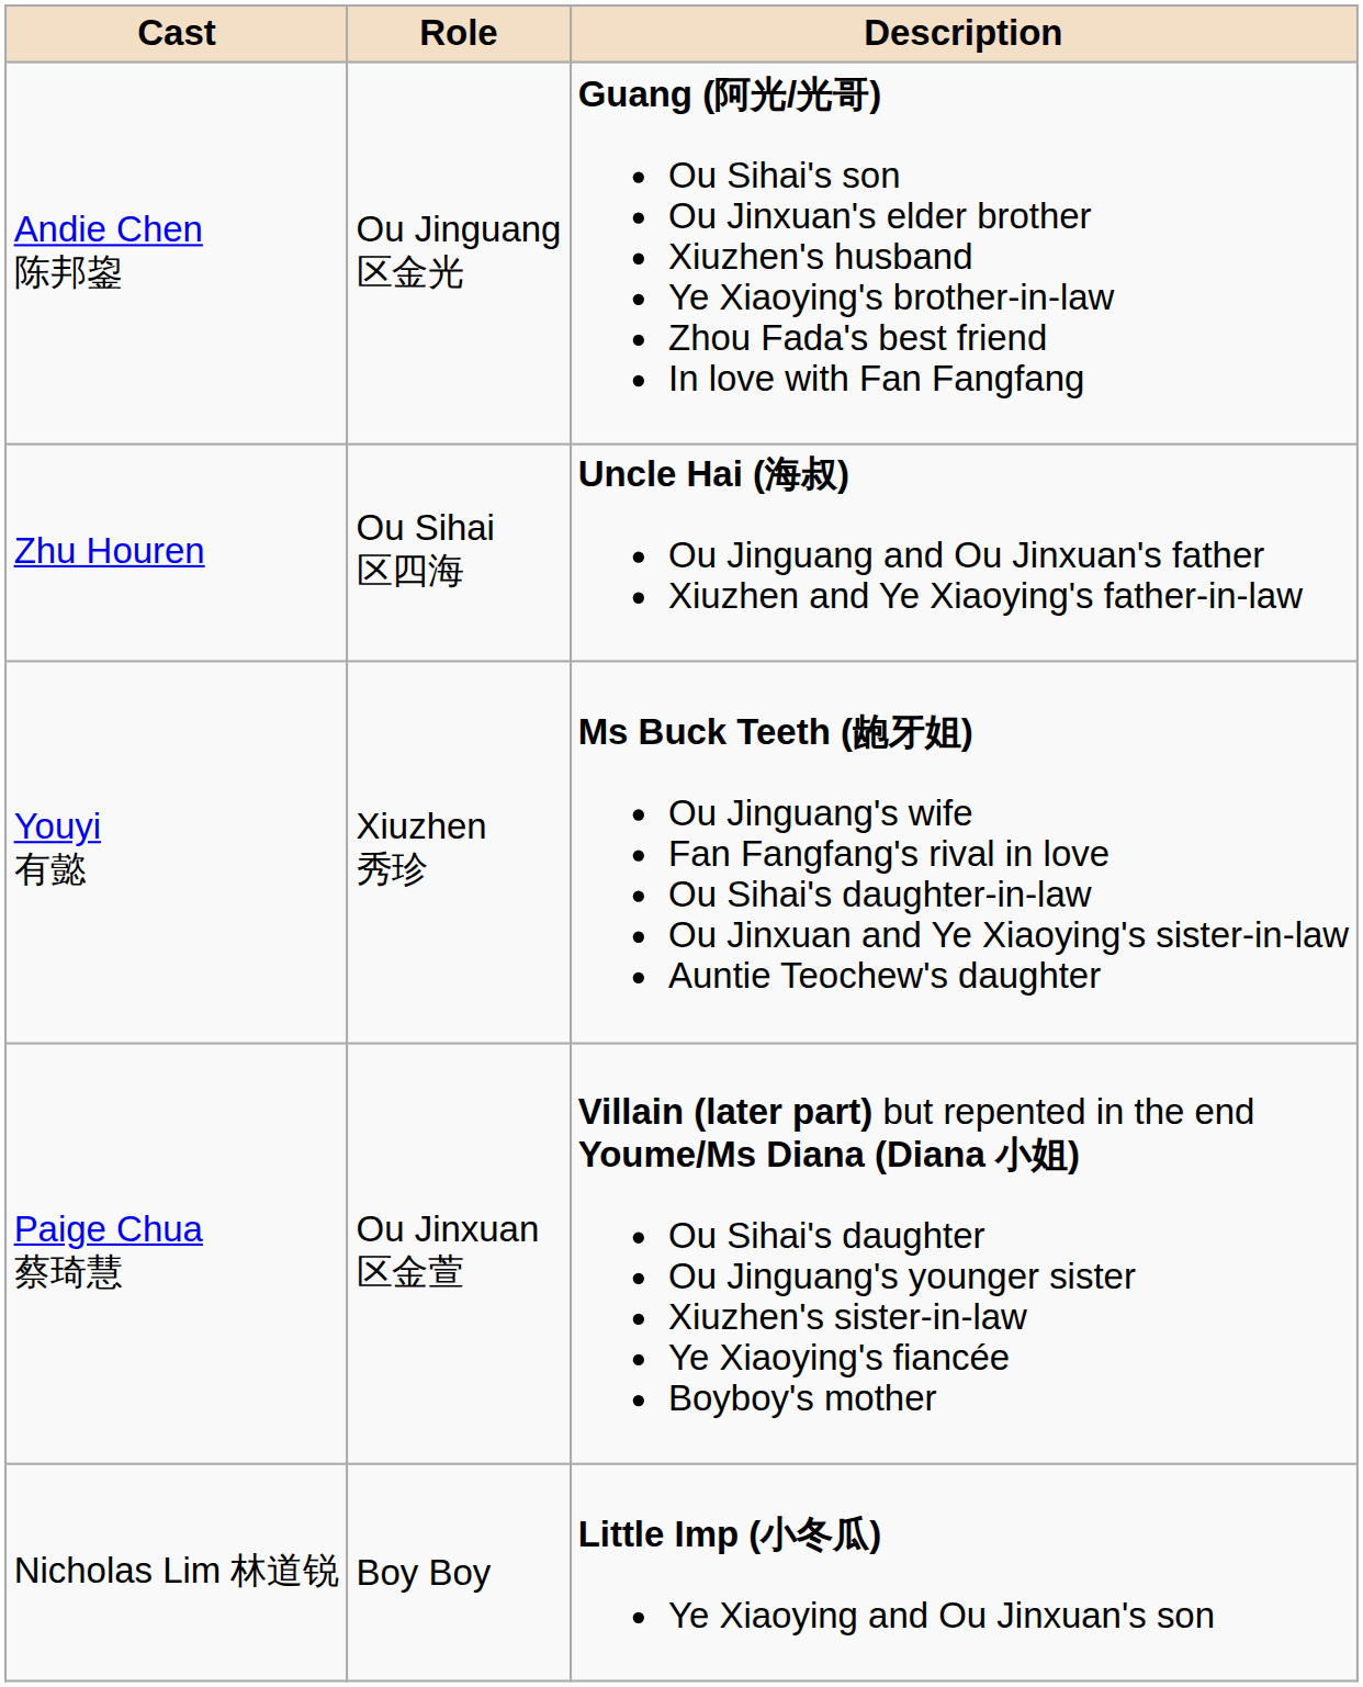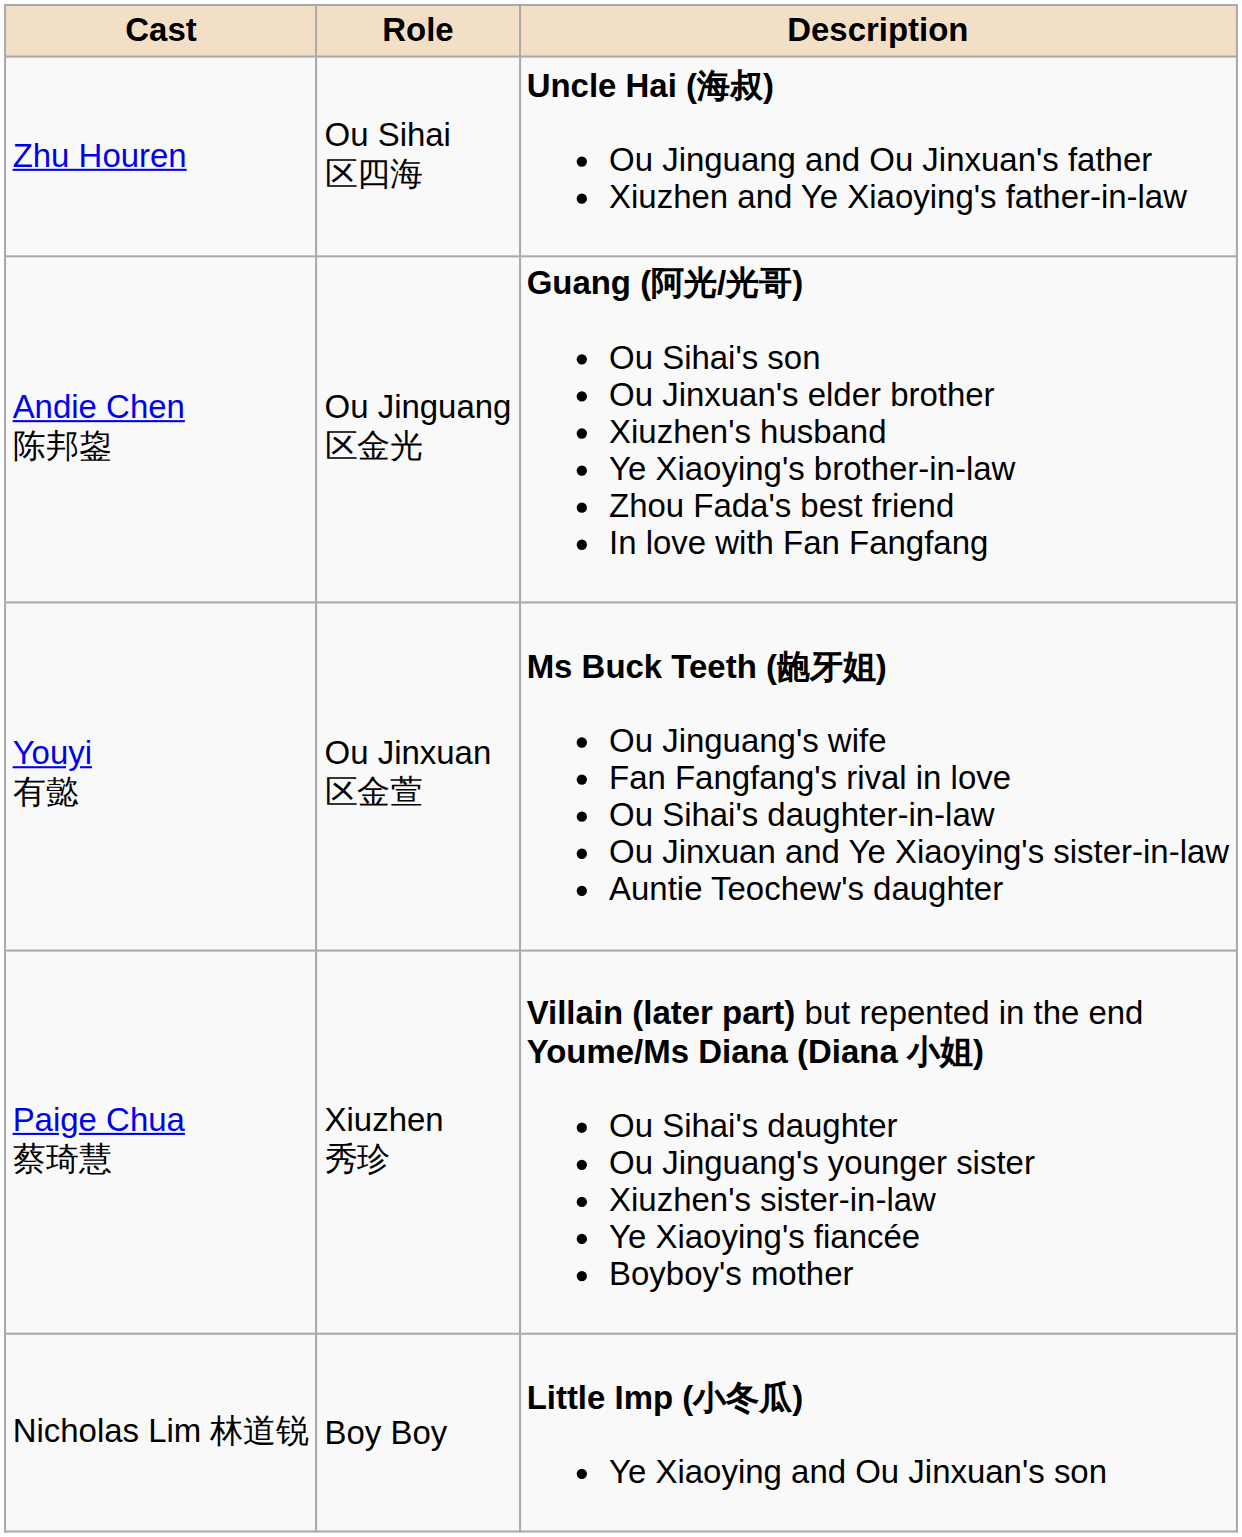 <table class="wikitable">
 <tr>
 <th style="background:#f2dfc6;">Cast</th>
 <th style="background:#f2dfc6;">Role</th>
 <th style="background:#f2dfc6;">Description</th>
 </tr>
 <tr>
+<td><a href='#'>Zhu Houren</a></td>
+<td>Ou Sihai <br> 区四海</td>
+<td><strong>Uncle Hai (海叔)</strong><br><ul><li>Ou Jinguang and Ou Jinxuan's father</li><li>Xiuzhen and Ye Xiaoying's father-in-law</li></ul></td>
+</tr>
+<tr>
 <td><a href='#'>Andie Chen</a> <br> 陈邦鋆</td>
 <td>Ou Jinguang <br> 区金光</td>
 <td><strong>Guang (阿光/光哥) </strong><br><ul><li>Ou Sihai's son</li><li>Ou Jinxuan's elder brother</li><li>Xiuzhen's husband</li><li>Ye Xiaoying's brother-in-law</li><li>Zhou Fada's best friend</li><li>In love with Fan Fangfang</li></ul></td>
 </tr>
 <tr>
-<td><a href='#'>Zhu Houren</a></td>
-<td>Ou Sihai <br> 区四海</td>
-<td><strong>Uncle Hai (海叔)</strong><br><ul><li>Ou Jinguang and Ou Jinxuan's father</li><li>Xiuzhen and Ye Xiaoying's father-in-law</li></ul></td>
-</tr>
-<tr>
 <td><a href='#'>Youyi</a> <br> 有懿</td>
-<td>Xiuzhen <br> 秀珍</td>
+<td>Ou Jinxuan <br> 区金萱</td>
 <td><br><strong>Ms Buck Teeth (龅牙姐)</strong><ul><li>Ou Jinguang's wife</li><li>Fan Fangfang's rival in love</li><li>Ou Sihai's daughter-in-law</li><li>Ou Jinxuan and Ye Xiaoying's sister-in-law</li><li>Auntie Teochew's daughter</li></ul></td>
 </tr>
 <tr>
 <td><a href='#'>Paige Chua</a> <br> 蔡琦慧</td>
-<td>Ou Jinxuan <br> 区金萱</td>
+<td>Xiuzhen <br> 秀珍</td>
 <td><br><strong>Villain (later part)</strong> but repented in the end<br><strong>Youme/Ms Diana (Diana 小姐)</strong><ul><li>Ou Sihai's daughter</li><li>Ou Jinguang's younger sister</li><li>Xiuzhen's sister-in-law</li><li>Ye Xiaoying's fiancée</li><li>Boyboy's mother</li></ul></td>
 </tr>
 <tr>
 <td>Nicholas Lim 林道锐</td>
 <td>Boy Boy</td>
 <td><br><strong>Little Imp (小冬瓜)</strong><ul><li>Ye Xiaoying and Ou Jinxuan's son</li></ul></td>
 </tr>
 </table>
